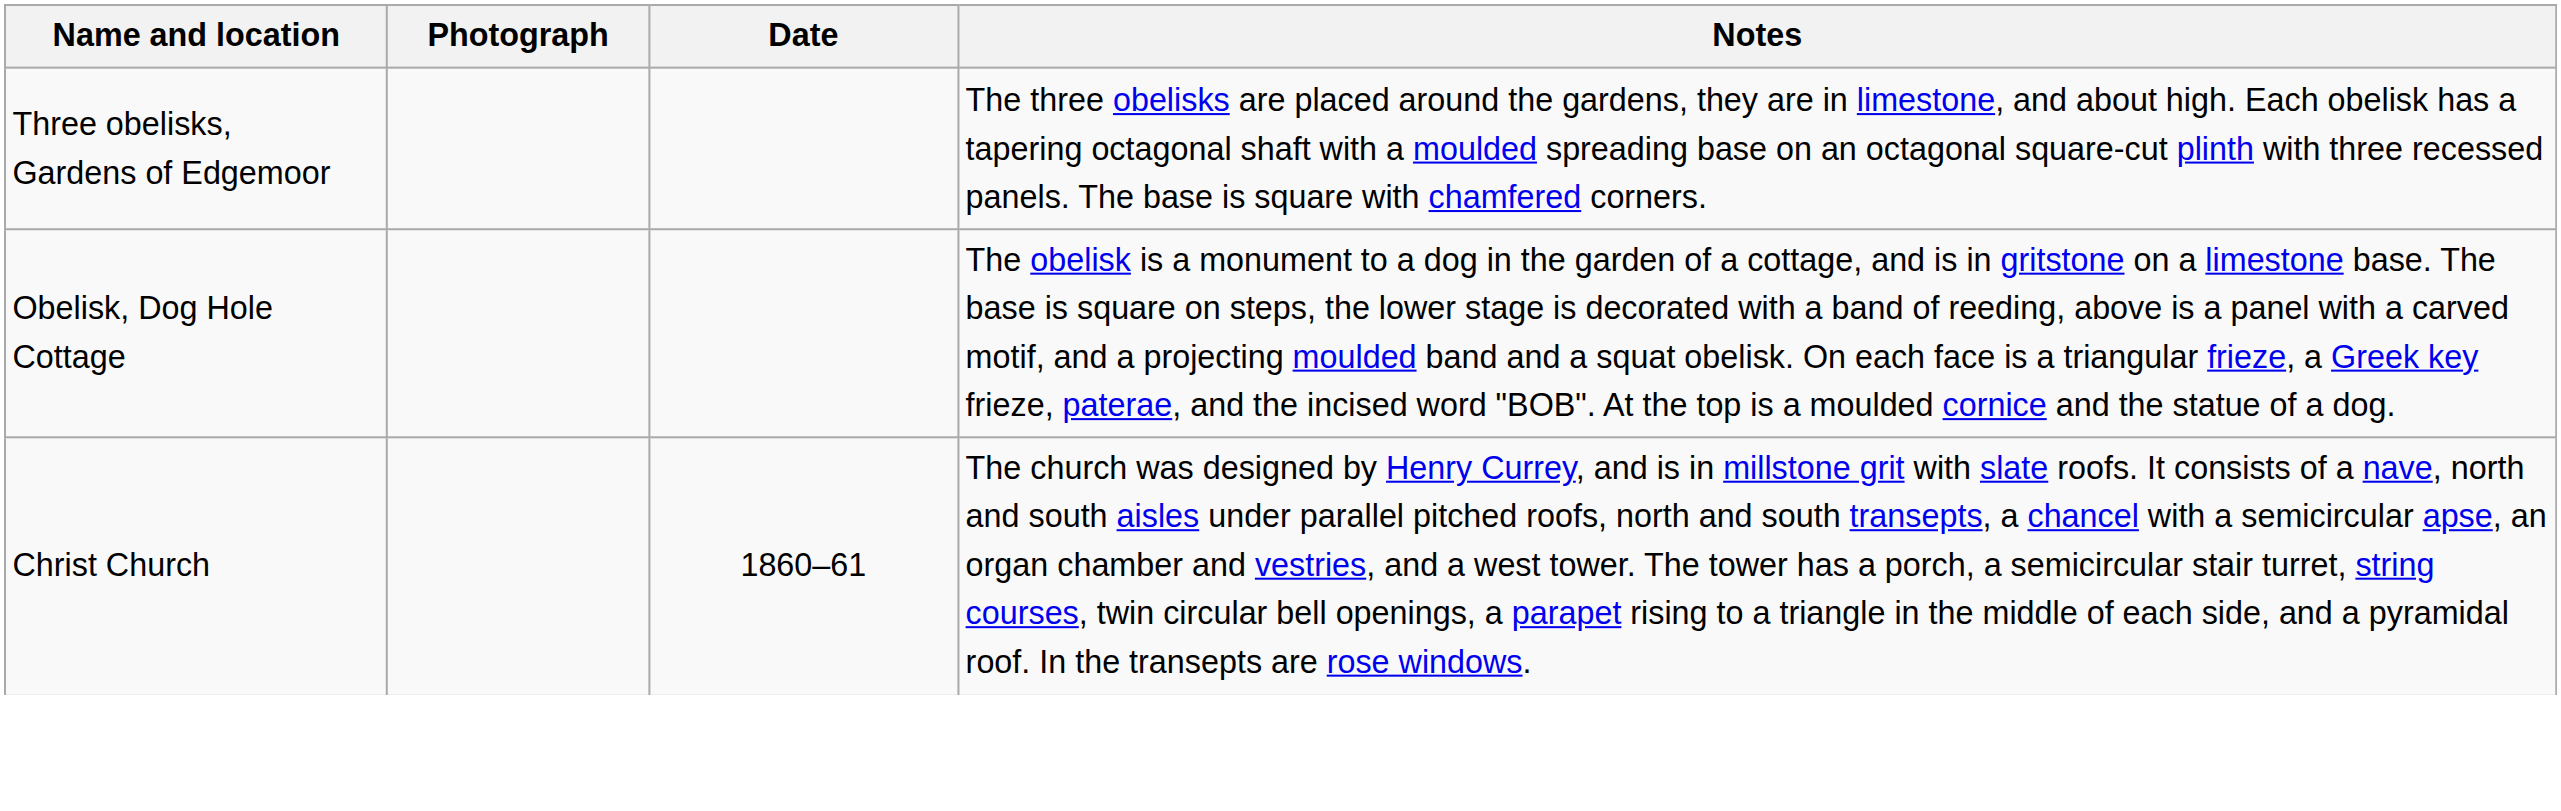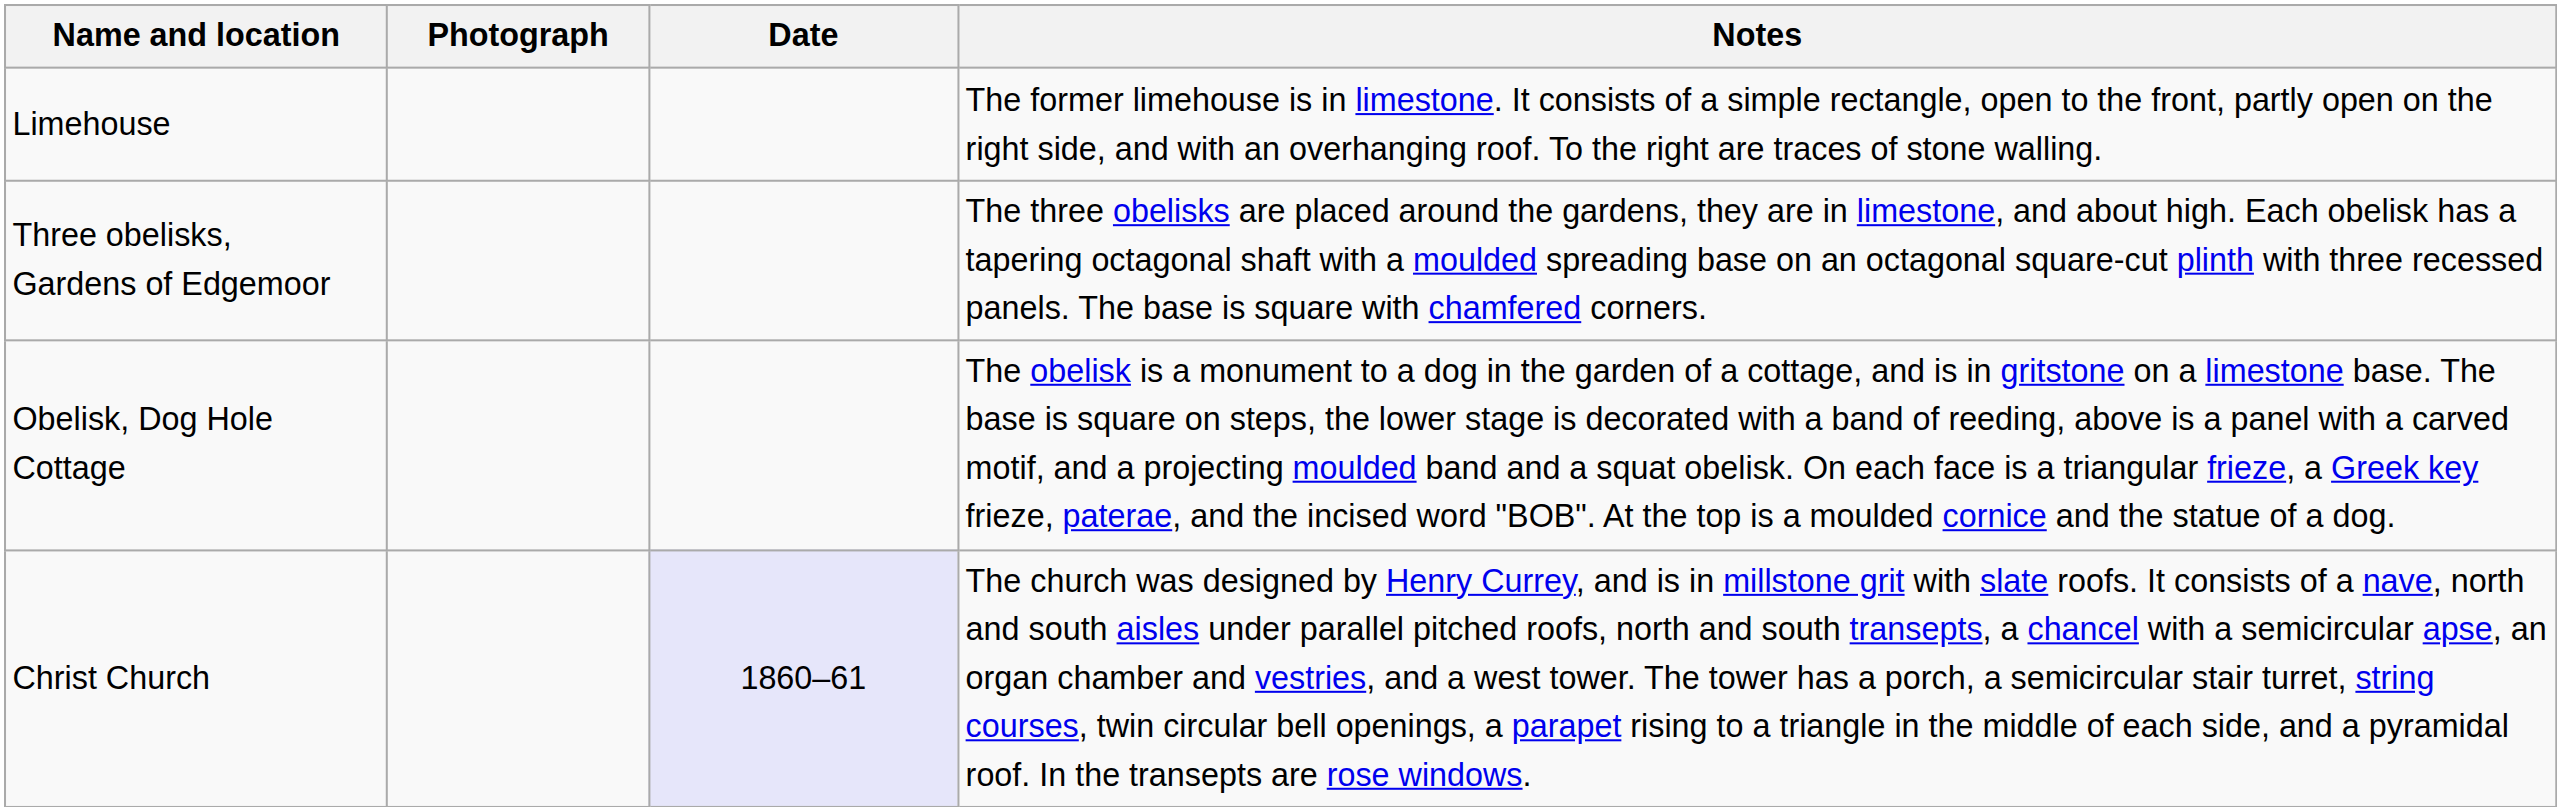 <table class="wikitable sortable plainrowheaders" style="width:100%;border:0px;text-align:left;line-height:150%;">
 <tr>
 <th scope="col"  style="width:150px">Name and location</th>
 <th scope="col"  style="width:100px" class="unsortable">Photograph</th>
 <th scope="col"  style="width:120px">Date</th>
 <th scope="col"  style="width:650px" class="unsortable">Notes</th>
+</tr>
+<tr>
+<td>Limehouse<br><small></small></td>
+<td></td>
+<td align="center"></td>
+<td>The former limehouse is in <a href='#'>limestone</a>.  It consists of a simple rectangle, open to the front, partly open on the right side, and with an overhanging roof.  To the right are traces of stone walling.</td>
 </tr>
 <tr>
 <td>Three obelisks,<br>Gardens of Edgemoor<br><small></small></td>
 <td></td>
 <td align="center"></td>
 <td>The three <a href='#'>obelisks</a> are placed around the gardens, they are in <a href='#'>limestone</a>, and about  high.  Each obelisk has a tapering octagonal shaft with a <a href='#'>moulded</a> spreading base on an octagonal square-cut <a href='#'>plinth</a> with three recessed panels.  The base is square with <a href='#'>chamfered</a> corners.</td>
 </tr>
 <tr>
 <td>Obelisk, Dog Hole Cottage<br><small></small></td>
 <td></td>
 <td align="center"></td>
 <td>The <a href='#'>obelisk</a> is a monument to a dog in the garden of a cottage, and is in <a href='#'>gritstone</a> on a <a href='#'>limestone</a> base.  The base is square on steps, the lower stage is decorated with a band of reeding, above is a panel with a carved motif, and a projecting <a href='#'>moulded</a> band and a squat obelisk.  On each face is a triangular <a href='#'>frieze</a>, a <a href='#'>Greek key</a> frieze, <a href='#'>paterae</a>, and the incised word "BOB".  At the top is a moulded <a href='#'>cornice</a> and the statue of a dog.</td>
 </tr>
 <tr>
 <td>Christ Church<br><small></small></td>
 <td></td>
-<td align="center">1860–61</td>
+<td align="center" style="background: lavender;">1860–61</td>
 <td>The church was designed by <a href='#'>Henry Currey</a>, and is in <a href='#'>millstone grit</a> with <a href='#'>slate</a> roofs.  It consists of a <a href='#'>nave</a>, north and south <a href='#'>aisles</a> under parallel pitched roofs, north and south <a href='#'>transepts</a>, a <a href='#'>chancel</a> with a semicircular <a href='#'>apse</a>, an organ chamber and <a href='#'>vestries</a>, and a west tower.  The tower has a porch, a semicircular stair turret, <a href='#'>string courses</a>, twin circular bell openings, a <a href='#'>parapet</a> rising to a triangle in the middle of each side, and a pyramidal roof.  In the transepts are <a href='#'>rose windows</a>.</td>
 </tr>
 <tr>
 </tr>
 </table>
